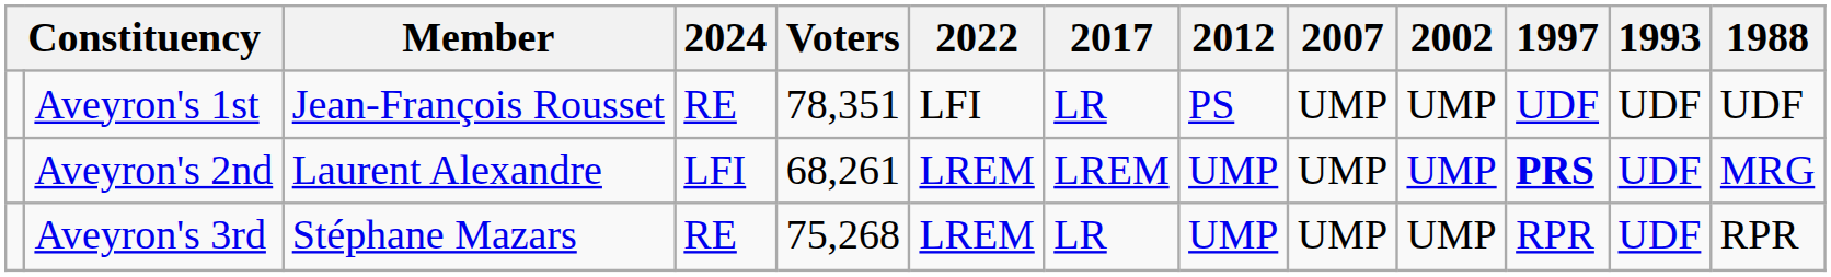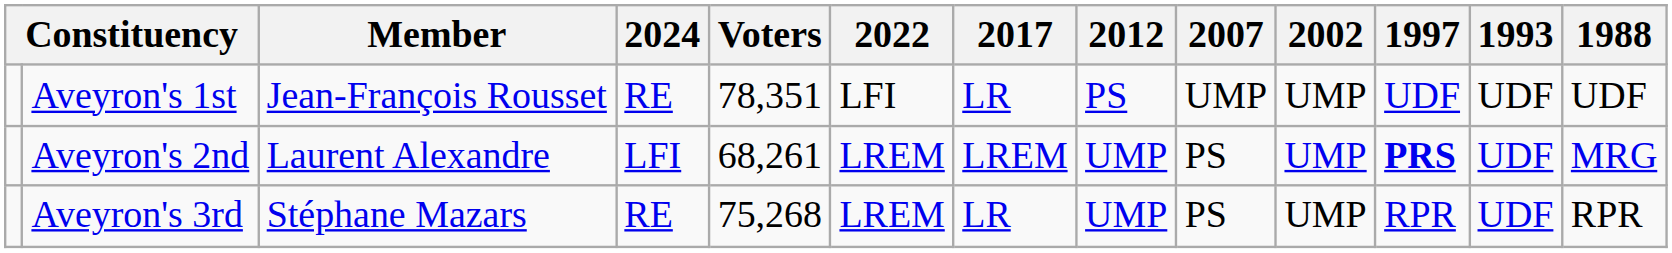 <table class="wikitable sortable">
 <tr>
 <th colspan="2">Constituency</th>
 <th>Member</th>
 <th>2024</th>
 <th>Voters</th>
 <th>2022</th>
 <th>2017</th>
 <th>2012</th>
 <th>2007</th>
 <th>2002</th>
 <th>1997</th>
 <th>1993</th>
 <th>1988</th>
 </tr>
 <tr>
 <td style="background-color: "></td>
 <td><a href='#'>Aveyron's 1st</a></td>
 <td><a href='#'>Jean-François Rousset</a></td>
 <td><a href='#'>RE</a></td>
 <td>78,351</td>
 <td>LFI</td>
 <td><a href='#'>LR</a></td>
 <td bgcolor=><a href='#'>PS</a></td>
 <td bgcolor=>UMP</td>
 <td bgcolor=>UMP</td>
 <td bgcolor=><a href='#'>UDF</a></td>
 <td bgcolor=>UDF</td>
 <td bgcolor=>UDF</td>
 </tr>
 <tr>
 <td style="background-color: "></td>
 <td><a href='#'>Aveyron's 2nd</a></td>
 <td><a href='#'>Laurent Alexandre</a></td>
 <td><a href='#'>LFI</a></td>
 <td>68,261</td>
 <td><a href='#'>LREM</a></td>
 <td><a href='#'>LREM</a></td>
 <td bgcolor=><a href='#'>UMP</a></td>
-<td bgcolor=>UMP</td>
+<td bgcolor=>PS</td>
 <td bgcolor=><a href='#'>UMP</a></td>
 <td bgcolor=><strong><a href='#'>PRS</a></strong></td>
 <td bgcolor=><a href='#'>UDF</a></td>
 <td bgcolor=><a href='#'>MRG</a></td>
 </tr>
 <tr>
 <td style="background-color: "></td>
 <td><a href='#'>Aveyron's 3rd</a></td>
 <td><a href='#'>Stéphane Mazars</a></td>
 <td><a href='#'>RE</a></td>
 <td>75,268</td>
 <td><a href='#'>LREM</a></td>
 <td><a href='#'>LR</a></td>
 <td bgcolor=><a href='#'>UMP</a></td>
-<td bgcolor=>UMP</td>
+<td bgcolor=>PS</td>
 <td bgcolor=>UMP</td>
 <td bgcolor=><a href='#'>RPR</a></td>
 <td bgcolor=><a href='#'>UDF</a></td>
 <td bgcolor=>RPR</td>
 </tr>
 </table>
